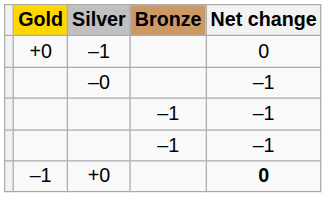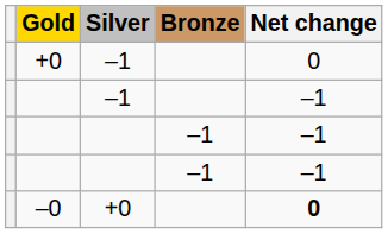 <table class="wikitable plainrowheaders sortable" style="text-align:center">
 <tr>
 <th scope="col"></th>
 <th scope="col" style="background-color:gold">Gold</th>
 <th scope="col" style="background-color:silver">Silver</th>
 <th scope="col" style="background-color:#c96">Bronze</th>
 <th scope="col">Net change</th>
 </tr>
 <tr>
 <th scope="row" style="text-align:left"></th>
 <td>+0</td>
 <td>–1</td>
 <td></td>
 <td>0</td>
 </tr>
 <tr>
 <th scope="row" style="text-align:left"></th>
 <td></td>
-<td>–0</td>
+<td>–1</td>
 <td></td>
 <td>–1</td>
 </tr>
 <tr>
 <th scope="row" style="text-align:left"></th>
 <td></td>
 <td></td>
 <td>–1</td>
 <td>–1</td>
 </tr>
 <tr>
 <th scope="row" style="text-align:left"></th>
 <td></td>
 <td></td>
 <td>–1</td>
 <td>–1</td>
 </tr>
 <tr>
 <th scope="row" style="text-align:left"></th>
-<td>–1</td>
+<td>–0</td>
 <td>+0</td>
 <td></td>
 <td><strong>0</strong></td>
 </tr>
 </table>
